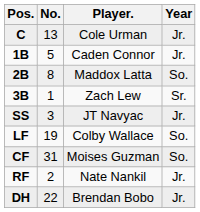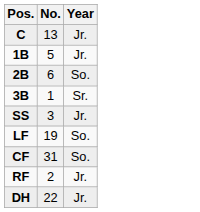 <table class="wikitable non-sortable">
 <tr>
 <th style="text-align:center; ">Pos.</th>
 <th style="text-align:center; ">No.</th>
-<th style="text-align:center; ">Player.</th>
 <th style="text-align:center; ">Year</th>
 </tr>
 <tr style="background:#eeeeee;text-align:center;">
 <td><strong>C</strong></td>
 <td>13</td>
-<td>Cole Urman</td>
 <td>Jr.</td>
 </tr>
 <tr style="text-align:center;">
 <td><strong>1B</strong></td>
 <td>5</td>
-<td>Caden Connor</td>
 <td>Jr.</td>
 </tr>
 <tr style="background:#eeeeee;text-align:center;">
 <td><strong>2B</strong></td>
-<td>8</td>
-<td>Maddox Latta</td>
+<td>6</td>
 <td>So.</td>
 </tr>
 <tr style="text-align:center;">
 <td><strong>3B</strong></td>
 <td>1</td>
-<td>Zach Lew</td>
 <td>Sr.</td>
 </tr>
 <tr style="background:#eeeeee;text-align:center;">
 <td><strong>SS</strong></td>
 <td>3</td>
-<td>JT Navyac</td>
 <td>Jr.</td>
 </tr>
 <tr style="text-align:center;">
 <td><strong>LF</strong></td>
 <td>19</td>
-<td>Colby Wallace</td>
 <td>So.</td>
 </tr>
 <tr style="background:#eeeeee;text-align:center;">
 <td><strong>CF</strong></td>
 <td>31</td>
-<td>Moises Guzman</td>
 <td>So.</td>
 </tr>
 <tr style="text-align:center;">
 <td><strong>RF</strong></td>
 <td>2</td>
-<td>Nate Nankil</td>
 <td>Jr.</td>
 </tr>
 <tr style="background:#eeeeee;text-align:center;">
 <td><strong>DH</strong></td>
 <td>22</td>
-<td>Brendan Bobo</td>
 <td>Jr.</td>
 </tr>
 </table>
